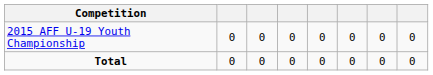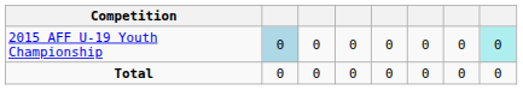 <table class="wikitable" style="text-align: center;">
 <tr>
 <th width=250>Competition</th>
 <th width=30></th>
 <th width=30></th>
 <th width=30></th>
 <th width=30></th>
 <th width=30></th>
 <th width=30></th>
 <th width=30></th>
 </tr>
 <tr>
 <td align="left"><a href='#'>2015 AFF U-19 Youth Championship</a></td>
+<td style="background: lightblue;">0</td>
 <td>0</td>
 <td>0</td>
 <td>0</td>
 <td>0</td>
 <td>0</td>
-<td>0</td>
-<td>0</td>
+<td style="background: paleturquoise;">0</td>
 </tr>
 <tr>
 <td><strong>Total</strong></td>
 <td>0</td>
 <td>0</td>
 <td>0</td>
 <td>0</td>
 <td>0</td>
 <td>0</td>
 <td>0</td>
 </tr>
 </table>
